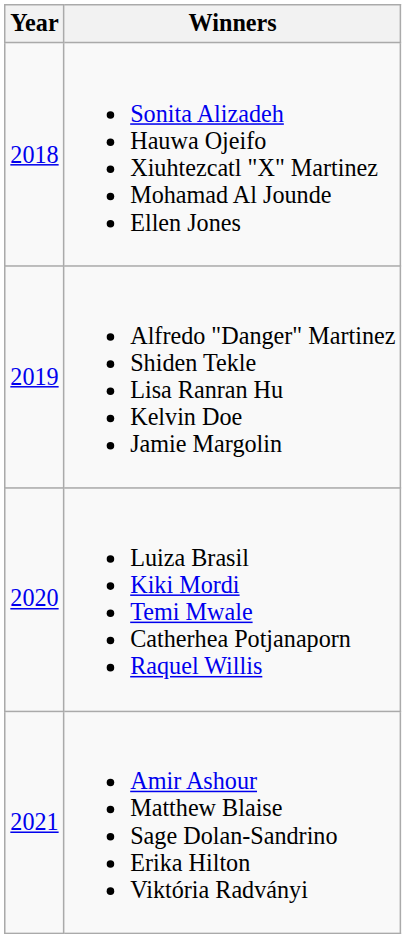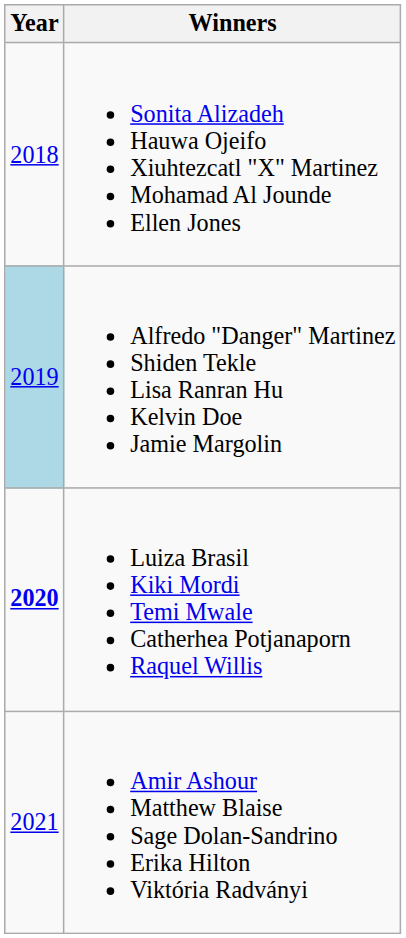 <table class="wikitable">
 <tr>
 <th>Year</th>
 <th>Winners</th>
 </tr>
 <tr>
 <td><a href='#'>2018</a></td>
 <td><br><ul><li><a href='#'>Sonita Alizadeh</a></li><li>Hauwa Ojeifo</li><li>Xiuhtezcatl "X" Martinez</li><li>Mohamad Al Jounde</li><li>Ellen Jones</li></ul></td>
 </tr>
 <tr>
-<td><a href='#'>2019</a></td>
+<td style="background: lightblue;"><a href='#'>2019</a></td>
 <td><br><ul><li>Alfredo "Danger" Martinez</li><li>Shiden Tekle</li><li>Lisa Ranran Hu</li><li>Kelvin Doe</li><li>Jamie Margolin</li></ul></td>
 </tr>
 <tr>
-<td><a href='#'>2020</a></td>
+<td><strong><a href='#'>2020</a></strong></td>
 <td><br><ul><li>Luiza Brasil</li><li><a href='#'>Kiki Mordi</a></li><li><a href='#'>Temi Mwale</a></li><li>Catherhea Potjanaporn</li><li><a href='#'>Raquel Willis</a></li></ul></td>
 </tr>
 <tr>
 <td><a href='#'>2021</a></td>
 <td><br><ul><li><a href='#'>Amir Ashour</a></li><li>Matthew Blaise</li><li>Sage Dolan-Sandrino</li><li>Erika Hilton</li><li>Viktória Radványi</li></ul></td>
 </tr>
 </table>
